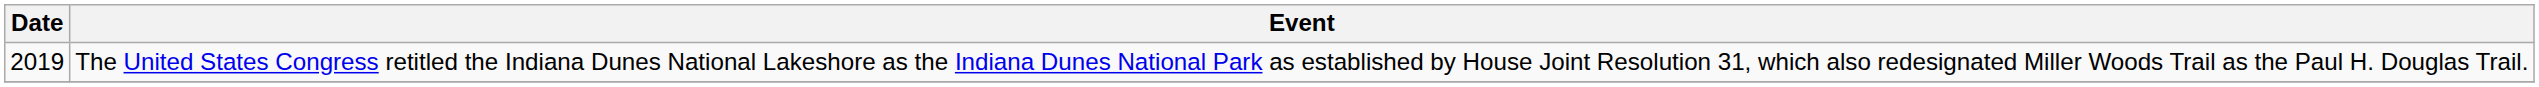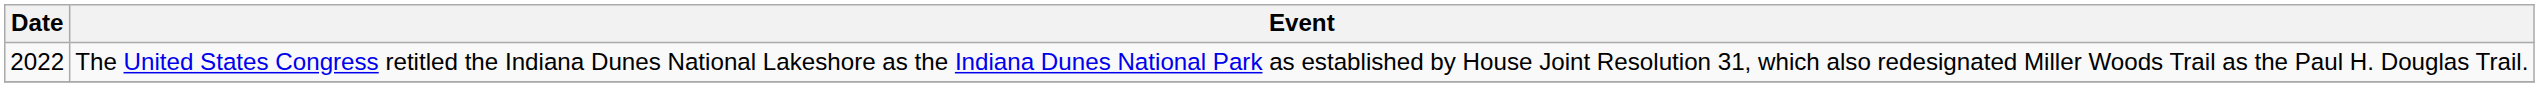 <table class="wikitable">
 <tr>
 <th>Date</th>
 <th>Event</th>
 </tr>
 <tr>
-<td>2019</td>
+<td>2022</td>
 <td>The <a href='#'>United States Congress</a> retitled the Indiana Dunes National Lakeshore as the <a href='#'>Indiana Dunes National Park</a> as established by House Joint Resolution 31, which also redesignated Miller Woods Trail as the Paul H. Douglas Trail.</td>
 </tr>
 <tr>
 </tr>
 </table>
